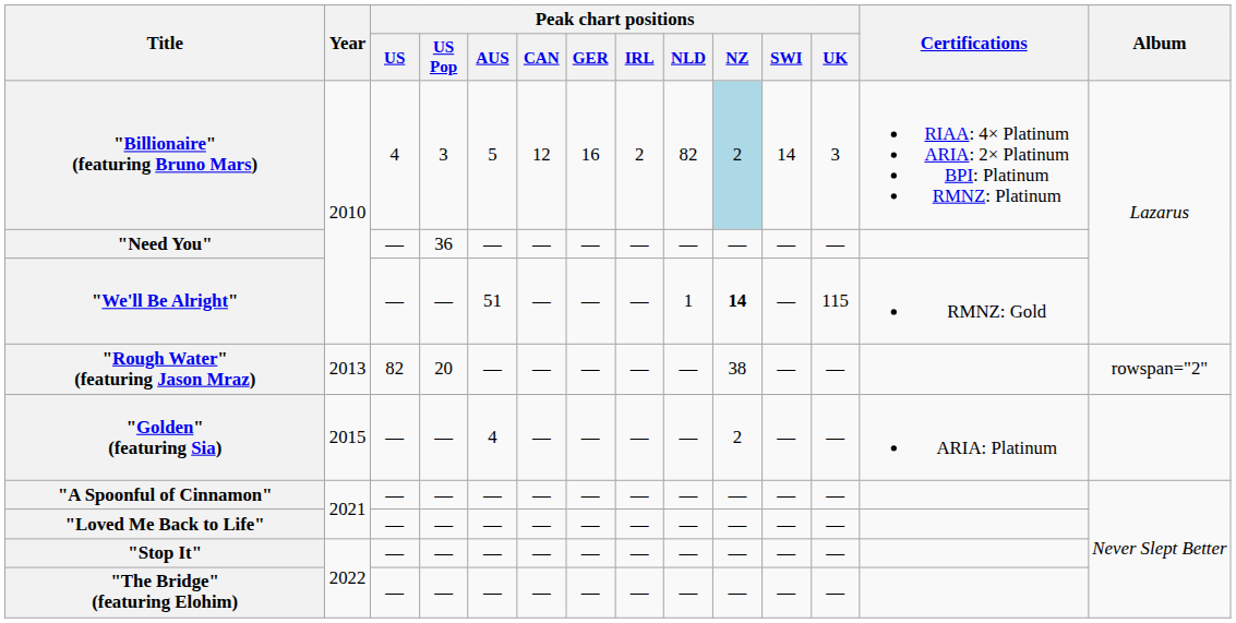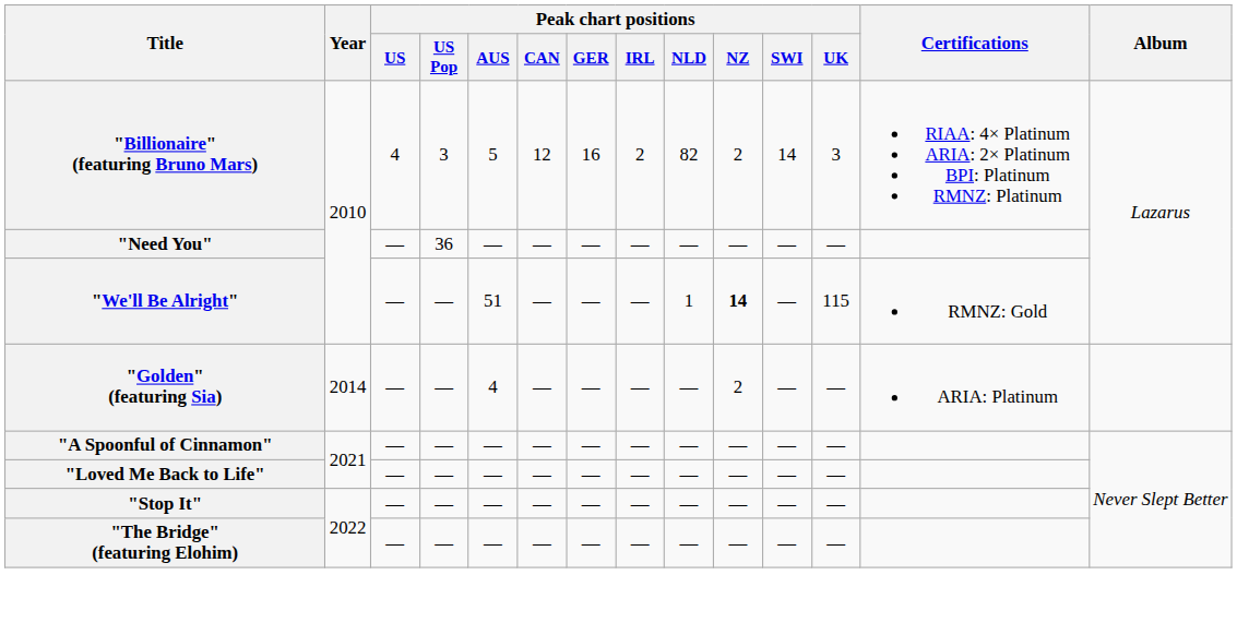 <table class="wikitable plainrowheaders" style="text-align:center;">
 <tr>
 <th scope="col" rowspan="2" style="width:17em;">Title</th>
 <th scope="col" rowspan="2">Year</th>
 <th scope="col" colspan="10">Peak chart positions</th>
 <th scope="col" rowspan="2" style="width:12em;"><a href='#'>Certifications</a></th>
 <th scope="col" rowspan="2">Album</th>
 </tr>
 <tr>
 <th scope="col" style="width:2.5em;font-size:90%;"><a href='#'>US</a><br></th>
 <th scope="col" style="width:2.5em;font-size:90%;"><a href='#'>US<br>Pop</a><br></th>
 <th scope="col" style="width:2.5em;font-size:90%;"><a href='#'>AUS</a><br></th>
 <th scope="col" style="width:2.5em;font-size:90%;"><a href='#'>CAN</a><br></th>
 <th scope="col" style="width:2.5em;font-size:90%;"><a href='#'>GER</a><br></th>
 <th scope="col" style="width:2.5em;font-size:90%;"><a href='#'>IRL</a><br></th>
 <th scope="col" style="width:2.5em;font-size:90%;"><a href='#'>NLD</a><br></th>
 <th scope="col" style="width:2.5em;font-size:90%;"><a href='#'>NZ</a><br></th>
 <th scope="col" style="width:2.5em;font-size:90%;"><a href='#'>SWI</a><br></th>
 <th scope="col" style="width:2.5em;font-size:90%;"><a href='#'>UK</a><br></th>
 </tr>
 <tr>
 <th scope="row">"<a href='#'>Billionaire</a>"<br><span>(featuring <a href='#'>Bruno Mars</a>)</span></th>
 <td rowspan="3">2010</td>
 <td>4</td>
 <td>3</td>
 <td>5</td>
 <td>12</td>
 <td>16</td>
 <td>2</td>
 <td>82</td>
-<td style="background: lightblue;">2</td>
+<td>2</td>
 <td>14</td>
 <td>3</td>
 <td><br><ul><li><a href='#'>RIAA</a>: 4× Platinum</li><li><a href='#'>ARIA</a>: 2× Platinum</li><li><a href='#'>BPI</a>: Platinum</li><li><a href='#'>RMNZ</a>: Platinum</li></ul></td>
 <td rowspan="3"><em>Lazarus</em></td>
 </tr>
 <tr>
 <th scope="row">"Need You"</th>
 <td>—</td>
 <td>36</td>
 <td>—</td>
 <td>—</td>
 <td>—</td>
 <td>—</td>
 <td>—</td>
 <td>—</td>
 <td>—</td>
 <td>—</td>
 <td></td>
 </tr>
 <tr>
 <th scope="row">"<a href='#'>We'll Be Alright</a>"</th>
 <td>—</td>
 <td>—</td>
 <td>51</td>
 <td>—</td>
 <td>—</td>
 <td>—</td>
 <td>1</td>
 <td><strong>14</strong></td>
 <td>—</td>
 <td>115</td>
 <td><br><ul><li>RMNZ: Gold</li></ul></td>
 </tr>
 <tr>
-<th scope="row">"<a href='#'>Rough Water</a>"<br><span>(featuring <a href='#'>Jason Mraz</a>)</span></th>
-<td>2013</td>
-<td>82</td>
-<td>20</td>
-<td>—</td>
-<td>—</td>
-<td>—</td>
-<td>—</td>
-<td>—</td>
-<td>38</td>
-<td>—</td>
-<td>—</td>
-<td></td>
-<td>rowspan="2" </td>
-</tr>
-<tr>
 <th scope="row">"<a href='#'>Golden</a>"<br><span>(featuring <a href='#'>Sia</a>)</span></th>
-<td>2015</td>
+<td>2014</td>
 <td>—</td>
 <td>—</td>
 <td>4</td>
 <td>—</td>
 <td>—</td>
 <td>—</td>
 <td>—</td>
 <td>2</td>
 <td>—</td>
 <td>—</td>
 <td><br><ul><li>ARIA: Platinum</li></ul></td>
 </tr>
 <tr>
 <th scope="row">"A Spoonful of Cinnamon"</th>
 <td rowspan="2">2021</td>
 <td>—</td>
 <td>—</td>
 <td>—</td>
 <td>—</td>
 <td>—</td>
 <td>—</td>
 <td>—</td>
 <td>—</td>
 <td>—</td>
 <td>—</td>
 <td></td>
 <td rowspan="4"><em>Never Slept Better</em></td>
 </tr>
 <tr>
 <th scope="row">"Loved Me Back to Life"</th>
 <td>—</td>
 <td>—</td>
 <td>—</td>
 <td>—</td>
 <td>—</td>
 <td>—</td>
 <td>—</td>
 <td>—</td>
 <td>—</td>
 <td>—</td>
 <td></td>
 </tr>
 <tr>
 <th scope="row">"Stop It"</th>
 <td rowspan="2">2022</td>
 <td>—</td>
 <td>—</td>
 <td>—</td>
 <td>—</td>
 <td>—</td>
 <td>—</td>
 <td>—</td>
 <td>—</td>
 <td>—</td>
 <td>—</td>
 <td></td>
 </tr>
 <tr>
 <th scope="row">"The Bridge"<br><span>(featuring Elohim)</span></th>
 <td>—</td>
 <td>—</td>
 <td>—</td>
 <td>—</td>
 <td>—</td>
 <td>—</td>
 <td>—</td>
 <td>—</td>
 <td>—</td>
 <td>—</td>
 <td></td>
 </tr>
 </table>
